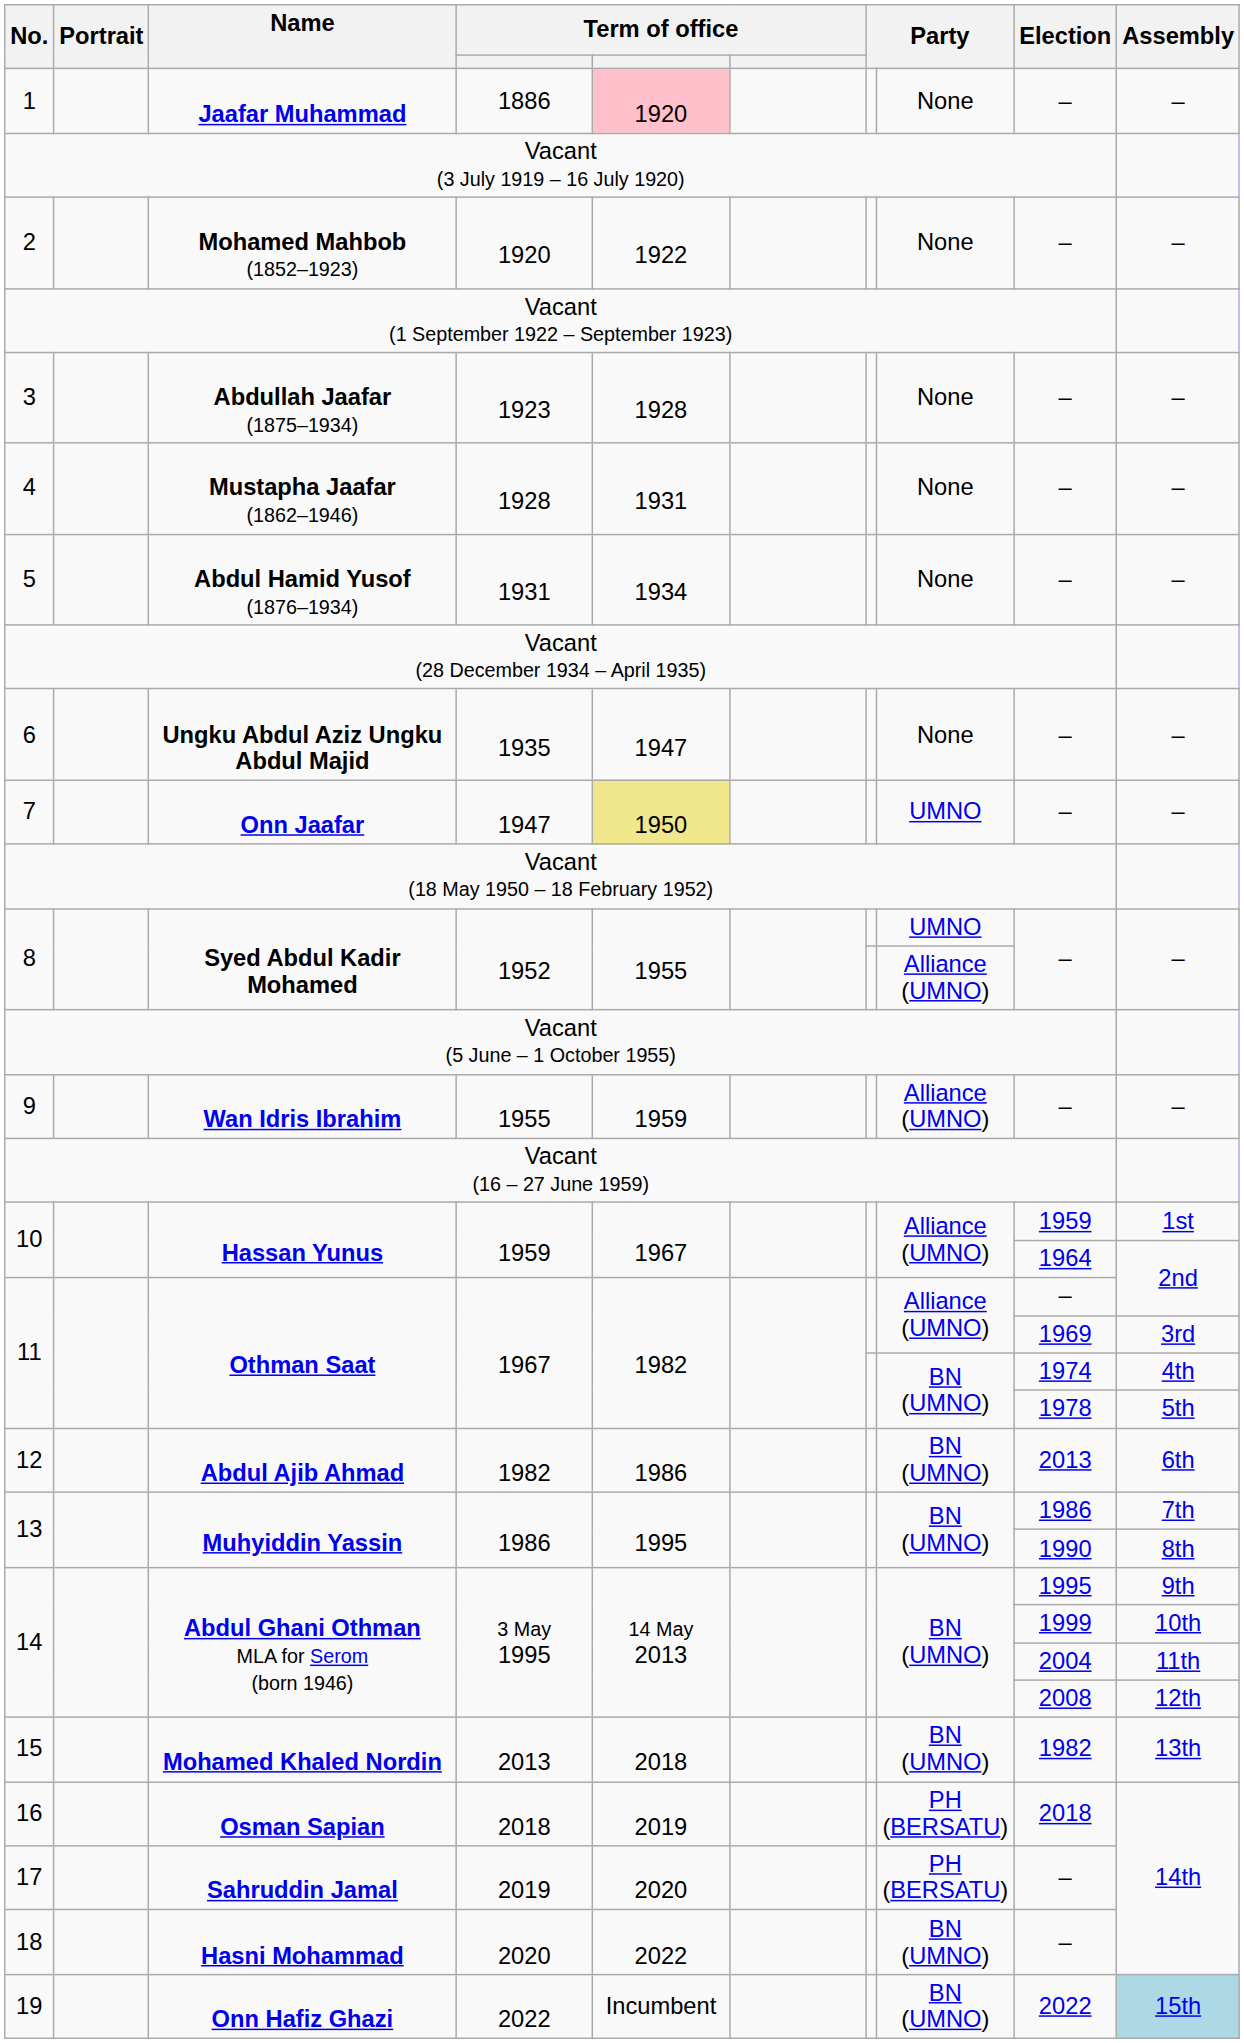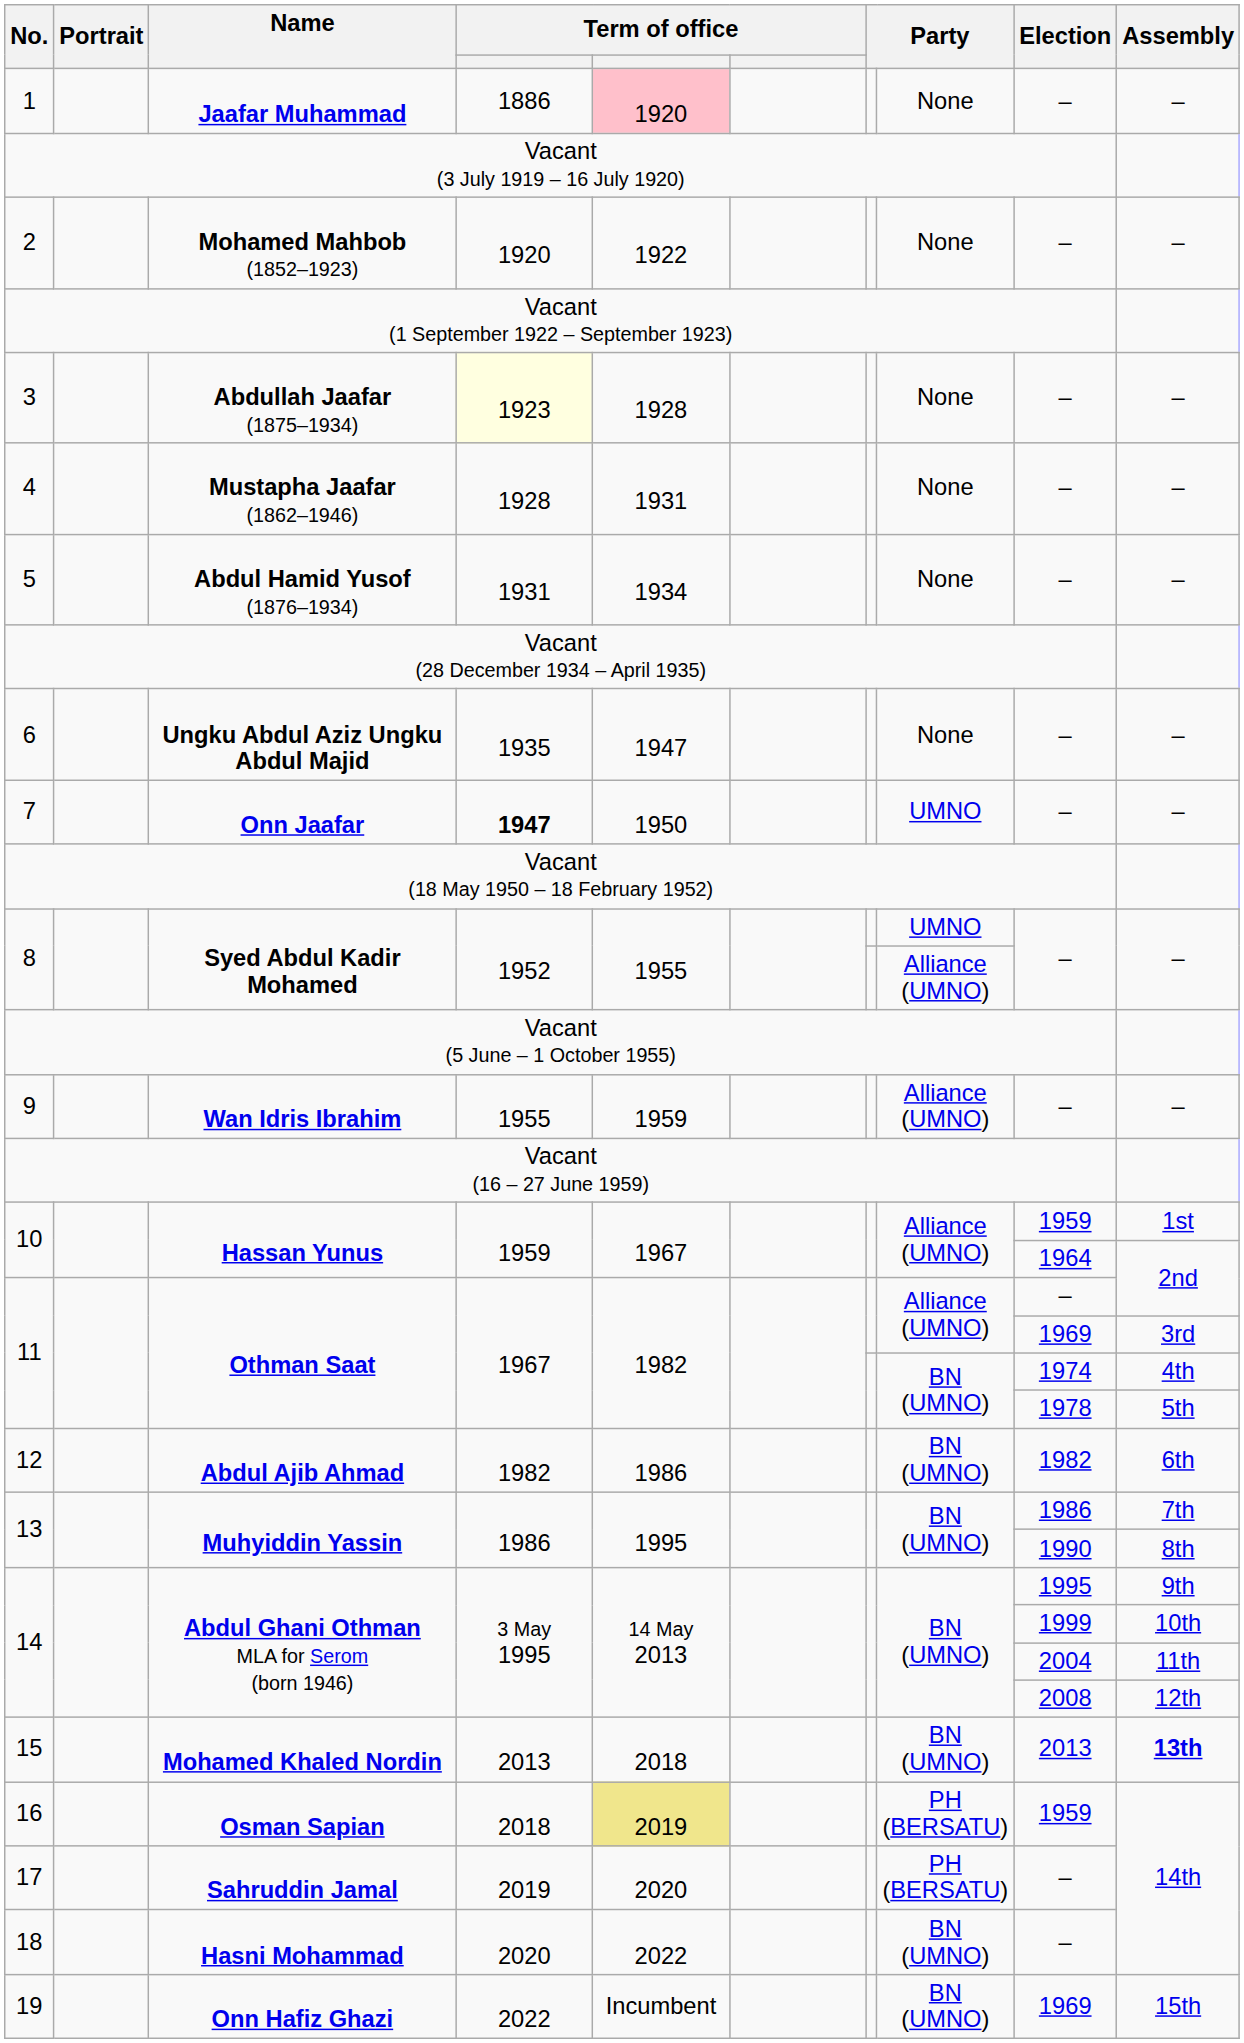 <table class="wikitable" style="text-align:center; border:1px #aaf solid;">
 <tr>
 <th rowspan="2">No.</th>
 <th rowspan="2">Portrait</th>
 <th rowspan="2" width="200">Name<br><br></th>
 <th colspan="3">Term of office</th>
 <th colspan="2" rowspan="2">Party</th>
 <th rowspan="2">Election</th>
 <th rowspan="2">Assembly</th>
 </tr>
 <tr>
 <th width="85"></th>
 <th width="85"></th>
 <th width="85"></th>
 </tr>
 <tr>
 <td>1</td>
 <td></td>
 <td><br><strong><a href='#'>Jaafar Muhammad</a></strong><br></td>
 <td>1886</td>
 <td style="background: pink;"><br>1920</td>
 <td></td>
 <td style="background:"></td>
 <td>None</td>
 <td>–</td>
 <td>–</td>
 </tr>
 <tr>
 <td colspan="9">Vacant<br><small>(3 July 1919 – 16 July 1920)</small></td>
 </tr>
 <tr>
 <td>2</td>
 <td></td>
 <td><br><strong>Mohamed Mahbob</strong><br><small>(1852–1923)</small></td>
 <td><br>1920</td>
 <td><br>1922</td>
 <td></td>
 <td style="background:"></td>
 <td>None</td>
 <td>–</td>
 <td>–</td>
 </tr>
 <tr>
 <td colspan="9">Vacant<br><small>(1 September 1922 – September 1923)</small></td>
 </tr>
 <tr>
 <td>3</td>
 <td></td>
 <td><br><strong>Abdullah Jaafar</strong><br><small>(1875–1934)</small></td>
-<td><br>1923</td>
+<td style="background: lightyellow;"><br>1923</td>
 <td><br>1928</td>
 <td></td>
 <td style="background:"></td>
 <td>None</td>
 <td>–</td>
 <td>–</td>
 </tr>
 <tr>
 <td>4</td>
 <td></td>
 <td><br><strong>Mustapha Jaafar</strong><br><small>(1862–1946)</small></td>
 <td><br>1928</td>
 <td><br>1931</td>
 <td></td>
 <td style="background:"></td>
 <td>None</td>
 <td>–</td>
 <td>–</td>
 </tr>
 <tr>
 <td>5</td>
 <td></td>
 <td><br><strong>Abdul Hamid Yusof</strong><br><small>(1876–1934)</small></td>
 <td><br>1931</td>
 <td><br>1934</td>
 <td></td>
 <td style="background:"></td>
 <td>None</td>
 <td>–</td>
 <td>–</td>
 </tr>
 <tr>
 <td colspan="9">Vacant<br><small>(28 December 1934 – April 1935)</small></td>
 </tr>
 <tr>
 <td>6</td>
 <td></td>
 <td><br><strong>Ungku Abdul Aziz Ungku Abdul Majid</strong><br></td>
 <td><br>1935</td>
 <td><br>1947</td>
 <td></td>
 <td style="background:"></td>
 <td>None</td>
 <td>–</td>
 <td>–</td>
 </tr>
 <tr>
 <td>7</td>
 <td></td>
 <td><br><strong><a href='#'>Onn Jaafar</a></strong><br></td>
-<td><br>1947</td>
-<td style="background: khaki;"><br>1950</td>
+<td><strong><br>1947</strong></td>
+<td><br>1950</td>
 <td></td>
 <td style="background:"></td>
 <td><a href='#'>UMNO</a></td>
 <td>–</td>
 <td>–</td>
 </tr>
 <tr>
 <td colspan="9">Vacant<br><small>(18 May 1950 – 18 February 1952)</small></td>
 </tr>
 <tr>
 <td rowspan="2">8</td>
 <td rowspan="2"></td>
 <td rowspan="2"><br><strong>Syed Abdul Kadir Mohamed</strong><br></td>
 <td rowspan="2"><br>1952</td>
 <td rowspan="2"><br>1955</td>
 <td rowspan="2"></td>
 <td style="background:"></td>
 <td><a href='#'>UMNO</a></td>
 <td rowspan="2">–</td>
 <td rowspan="2">–</td>
 </tr>
 <tr>
 <td style="background:"></td>
 <td><a href='#'>Alliance</a><br>(<a href='#'>UMNO</a>)</td>
 </tr>
 <tr>
 <td colspan="9">Vacant<br><small>(5 June – 1 October 1955)</small></td>
 </tr>
 <tr>
 <td>9</td>
 <td></td>
 <td><br><strong><a href='#'>Wan Idris Ibrahim</a></strong><br></td>
 <td><br>1955</td>
 <td><br>1959</td>
 <td></td>
 <td style="background:"></td>
 <td><a href='#'>Alliance</a><br>(<a href='#'>UMNO</a>)</td>
 <td>–</td>
 <td>–</td>
 </tr>
 <tr>
 <td colspan="9">Vacant<br><small>(16 – 27 June 1959)</small></td>
 </tr>
 <tr>
 <td rowspan="2">10</td>
 <td rowspan="2"></td>
 <td rowspan="2"><br><strong><a href='#'>Hassan Yunus</a></strong><br></td>
 <td rowspan="2"><br>1959</td>
 <td rowspan="2"><br>1967</td>
 <td rowspan="2"></td>
 <td rowspan="2" style="background:"></td>
 <td rowspan="2"><a href='#'>Alliance</a><br>(<a href='#'>UMNO</a>)</td>
 <td><a href='#'>1959</a></td>
 <td><a href='#'>1st</a></td>
 </tr>
 <tr>
 <td><a href='#'>1964</a></td>
 <td rowspan="2"><a href='#'>2nd</a></td>
 </tr>
 <tr>
 <td rowspan="4">11</td>
 <td rowspan="4"></td>
 <td rowspan="4"><br><strong><a href='#'>Othman Saat</a></strong><br></td>
 <td rowspan="4"><br>1967</td>
 <td rowspan="4"><br>1982</td>
 <td rowspan="4"></td>
 <td rowspan="2" style="background:"></td>
 <td rowspan="2"><a href='#'>Alliance</a><br>(<a href='#'>UMNO</a>)</td>
 <td>–</td>
 </tr>
 <tr>
 <td><a href='#'>1969</a></td>
 <td><a href='#'>3rd</a></td>
 </tr>
 <tr>
 <td rowspan="2" style="background:"></td>
 <td rowspan="2"><a href='#'>BN</a><br>(<a href='#'>UMNO</a>)</td>
 <td><a href='#'>1974</a></td>
 <td><a href='#'>4th</a></td>
 </tr>
 <tr>
 <td><a href='#'>1978</a></td>
 <td><a href='#'>5th</a></td>
 </tr>
 <tr>
 <td>12</td>
 <td></td>
 <td><br><strong><a href='#'>Abdul Ajib Ahmad</a></strong><br></td>
 <td><br>1982</td>
 <td><br>1986</td>
 <td></td>
 <td style="background:"></td>
 <td><a href='#'>BN</a><br>(<a href='#'>UMNO</a>)</td>
-<td><a href='#'>2013</a></td>
+<td><a href='#'>1982</a></td>
 <td><a href='#'>6th</a></td>
 </tr>
 <tr>
 <td rowspan="2">13</td>
 <td rowspan="2"></td>
 <td rowspan="2"><br><strong><a href='#'>Muhyiddin Yassin</a></strong><br></td>
 <td rowspan="2"><br>1986</td>
 <td rowspan="2"><br>1995</td>
 <td rowspan="2"></td>
 <td rowspan="2" style="background:"></td>
 <td rowspan="2"><a href='#'>BN</a><br>(<a href='#'>UMNO</a>)</td>
 <td><a href='#'>1986</a></td>
 <td><a href='#'>7th</a></td>
 </tr>
 <tr>
 <td><a href='#'>1990</a></td>
 <td><a href='#'>8th</a></td>
 </tr>
 <tr>
 <td rowspan="4">14</td>
 <td rowspan="4"></td>
 <td rowspan="4"><br><strong><a href='#'>Abdul Ghani Othman</a></strong><br><small>MLA for <a href='#'>Serom</a></small><br><small>(born 1946)</small></td>
 <td rowspan="4"><small>3 May</small><br>1995</td>
 <td rowspan="4"><small>14 May</small><br>2013</td>
 <td rowspan="4"></td>
 <td rowspan="4" style="background:"></td>
 <td rowspan="4"><a href='#'>BN</a><br>(<a href='#'>UMNO</a>)</td>
 <td><a href='#'>1995</a></td>
 <td><a href='#'>9th</a></td>
 </tr>
 <tr>
 <td><a href='#'>1999</a></td>
 <td><a href='#'>10th</a></td>
 </tr>
 <tr>
 <td><a href='#'>2004</a></td>
 <td><a href='#'>11th</a></td>
 </tr>
 <tr>
 <td><a href='#'>2008</a></td>
 <td><a href='#'>12th</a></td>
 </tr>
 <tr>
 <td>15</td>
 <td></td>
 <td><br><strong><a href='#'>Mohamed Khaled Nordin</a></strong><br></td>
 <td><br>2013</td>
 <td><br>2018</td>
 <td></td>
 <td style="background:"></td>
 <td><a href='#'>BN</a><br>(<a href='#'>UMNO</a>)</td>
-<td><a href='#'>1982</a></td>
-<td><a href='#'>13th</a></td>
+<td><a href='#'>2013</a></td>
+<td><strong><a href='#'>13th</a></strong></td>
 </tr>
 <tr>
 <td>16</td>
 <td></td>
 <td><br><strong><a href='#'>Osman Sapian</a></strong><br></td>
 <td><br>2018</td>
-<td><br>2019</td>
+<td style="background: khaki;"><br>2019</td>
 <td></td>
 <td style="background:"></td>
 <td><a href='#'>PH</a><br>(<a href='#'>BERSATU</a>)</td>
-<td><a href='#'>2018</a></td>
+<td><a href='#'>1959</a></td>
 <td rowspan="3"><a href='#'>14th</a></td>
 </tr>
 <tr>
 <td>17</td>
 <td></td>
 <td><br><strong><a href='#'>Sahruddin Jamal</a></strong><br></td>
 <td><br>2019</td>
 <td><br>2020</td>
 <td></td>
 <td style="background:"></td>
 <td><a href='#'>PH</a><br>(<a href='#'>BERSATU</a>)</td>
 <td>–</td>
 </tr>
 <tr>
 <td>18</td>
 <td></td>
 <td><br><strong><a href='#'>Hasni Mohammad</a></strong><br></td>
 <td><br>2020</td>
 <td><br>2022</td>
 <td></td>
 <td style="background:"></td>
 <td><a href='#'>BN</a><br>(<a href='#'>UMNO</a>)</td>
 <td>–</td>
 </tr>
 <tr>
 <td>19</td>
 <td></td>
 <td><br><strong><a href='#'>Onn Hafiz Ghazi</a></strong><br></td>
 <td><br>2022</td>
 <td>Incumbent</td>
 <td></td>
 <td style="background:"></td>
 <td><a href='#'>BN</a><br>(<a href='#'>UMNO</a>)</td>
-<td><a href='#'>2022</a></td>
-<td style="background: lightblue;"><a href='#'>15th</a></td>
+<td><a href='#'>1969</a></td>
+<td><a href='#'>15th</a></td>
 </tr>
 </table>
